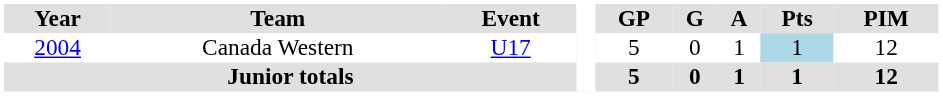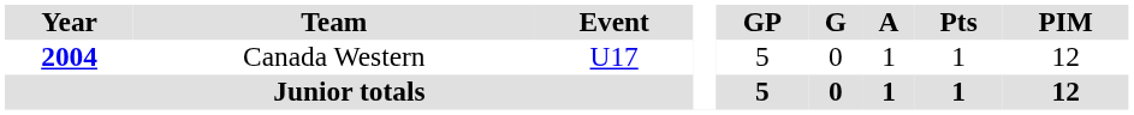 <table border="0" cellpadding="1" cellspacing="0" style="text-align:center; width:40em">
 <tr ALIGN="center" bgcolor="#e0e0e0">
 <th>Year</th>
 <th>Team</th>
 <th>Event</th>
 <th rowspan="99" bgcolor="#ffffff"> </th>
 <th>GP</th>
 <th>G</th>
 <th>A</th>
 <th>Pts</th>
 <th>PIM</th>
 </tr>
 <tr>
-<td><a href='#'>2004</a></td>
+<td><strong><a href='#'>2004</a></strong></td>
 <td>Canada Western</td>
 <td><a href='#'>U17</a></td>
 <td>5</td>
 <td>0</td>
 <td>1</td>
-<td style="background: lightblue;">1</td>
+<td>1</td>
 <td>12</td>
 </tr>
 <tr bgcolor="#e0e0e0">
 <th colspan="3">Junior totals</th>
 <th>5</th>
 <th>0</th>
 <th>1</th>
 <th>1</th>
 <th>12</th>
 </tr>
 </table>
